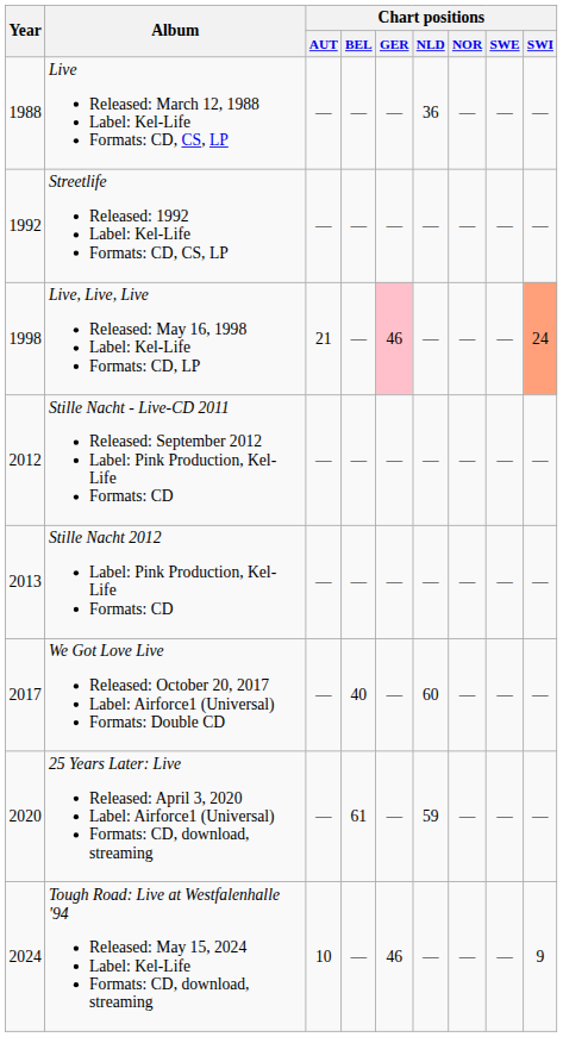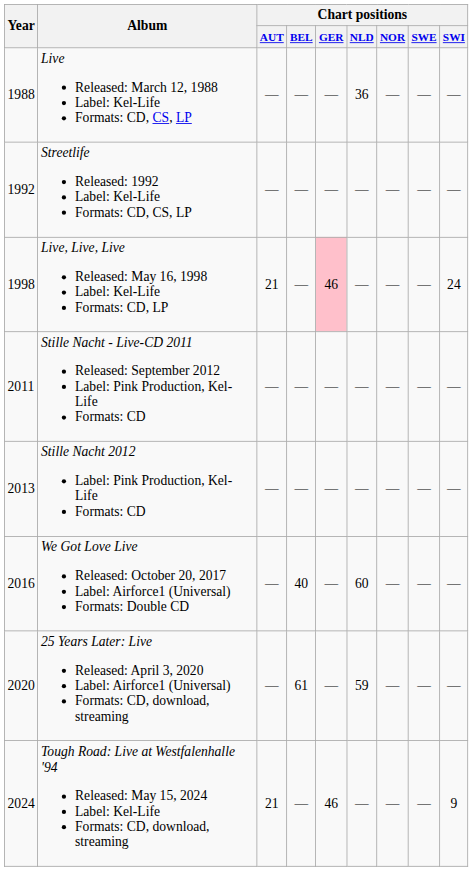 <table class="wikitable">
 <tr>
 <th width="20" rowspan="2">Year</th>
 <th width="250" rowspan="2">Album</th>
 <th colspan="7">Chart positions</th>
 </tr>
 <tr>
 <th width="25"><small><a href='#'>AUT</a></small><br></th>
 <th width="25"><small><a href='#'>BEL</a></small><br></th>
 <th width="25"><small><a href='#'>GER</a></small><br></th>
 <th width="25"><small><a href='#'>NLD</a></small><br></th>
 <th width="25"><small><a href='#'>NOR</a></small></th>
 <th width="25"><small><a href='#'>SWE</a></small></th>
 <th width="25"><small><a href='#'>SWI</a></small><br></th>
 </tr>
 <tr>
 <td>1988</td>
 <td><em>Live</em><br><ul><li>Released: March 12, 1988</li><li>Label: Kel-Life</li><li>Formats: CD, <a href='#'>CS</a>, <a href='#'>LP</a></li></ul></td>
 <td align="center">—</td>
 <td align="center">—</td>
 <td align="center">—</td>
 <td align="center">36</td>
 <td align="center">—</td>
 <td align="center">—</td>
 <td align="center">—</td>
 </tr>
 <tr>
 <td>1992</td>
 <td><em>Streetlife</em><br><ul><li>Released: 1992</li><li>Label: Kel-Life</li><li>Formats: CD, CS, LP</li></ul></td>
 <td align="center">—</td>
 <td align="center">—</td>
 <td align="center">—</td>
 <td align="center">—</td>
 <td align="center">—</td>
 <td align="center">—</td>
 <td align="center">—</td>
 </tr>
 <tr>
 <td>1998</td>
 <td><em>Live, Live, Live</em><br><ul><li>Released: May 16, 1998</li><li>Label: Kel-Life</li><li>Formats: CD, LP</li></ul></td>
 <td align="center">21</td>
 <td align="center">—</td>
 <td align="center" style="background: pink;">46</td>
 <td align="center">—</td>
 <td align="center">—</td>
 <td align="center">—</td>
-<td align="center" style="background: lightsalmon;">24</td>
+<td align="center">24</td>
 </tr>
 <tr>
-<td>2012</td>
+<td>2011</td>
 <td><em>Stille Nacht - Live-CD 2011</em><br><ul><li>Released: September 2012</li><li>Label: Pink Production, Kel-Life</li><li>Formats: CD</li></ul></td>
 <td align="center">—</td>
 <td align="center">—</td>
 <td align="center">—</td>
 <td align="center">—</td>
 <td align="center">—</td>
 <td align="center">—</td>
 <td align="center">—</td>
 </tr>
 <tr>
 <td>2013</td>
 <td><em>Stille Nacht 2012</em><br><ul><li>Label: Pink Production, Kel-Life</li><li>Formats: CD</li></ul></td>
 <td align="center">—</td>
 <td align="center">—</td>
 <td align="center">—</td>
 <td align="center">—</td>
 <td align="center">—</td>
 <td align="center">—</td>
 <td align="center">—</td>
 </tr>
 <tr>
-<td>2017</td>
+<td>2016</td>
 <td><em>We Got Love Live</em><br><ul><li>Released: October 20, 2017</li><li>Label: Airforce1 (Universal)</li><li>Formats: Double CD</li></ul></td>
 <td align="center">—</td>
 <td align="center">40</td>
 <td align="center">—</td>
 <td align="center">60</td>
 <td align="center">—</td>
 <td align="center">—</td>
 <td align="center">—</td>
 </tr>
 <tr>
 <td>2020</td>
 <td><em>25 Years Later: Live</em><br><ul><li>Released: April 3, 2020</li><li>Label: Airforce1 (Universal)</li><li>Formats: CD, download, streaming</li></ul></td>
 <td align="center">—</td>
 <td align="center">61</td>
 <td align="center">—</td>
 <td align="center">59</td>
 <td align="center">—</td>
 <td align="center">—</td>
 <td align="center">—</td>
 </tr>
 <tr>
 <td>2024</td>
 <td><em>Tough Road: Live at Westfalenhalle '94</em><br><ul><li>Released: May 15, 2024</li><li>Label: Kel-Life</li><li>Formats: CD, download, streaming</li></ul></td>
-<td align="center">10</td>
+<td align="center">21</td>
 <td align="center">—</td>
 <td align="center">46</td>
 <td align="center">—</td>
 <td align="center">—</td>
 <td align="center">—</td>
 <td align="center">9</td>
 </tr>
 </table>
